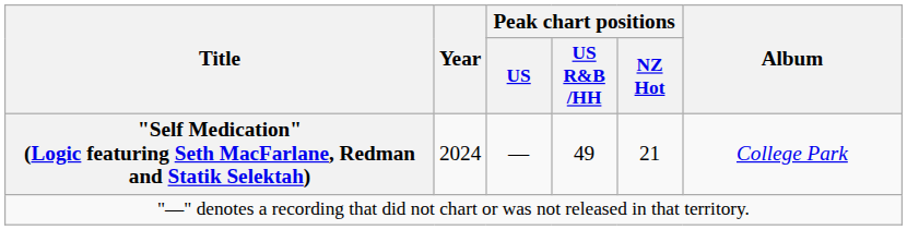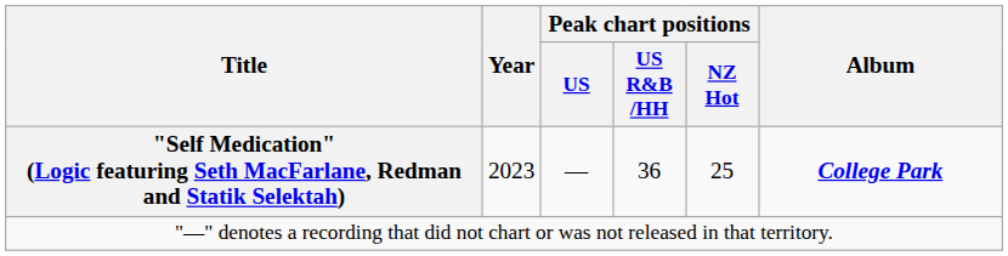 <table class="wikitable plainrowheaders" style="text-align:center;">
 <tr>
 <th scope="col" rowspan="2" style="width:20em;">Title</th>
 <th scope="col" rowspan="2" style="width:1em;">Year</th>
 <th scope="col" colspan="3">Peak chart positions</th>
 <th scope="col" rowspan="2" style="width:10em;">Album</th>
 </tr>
 <tr>
 <th scope="col" style="width:3em;font-size:90%;"><a href='#'>US</a><br></th>
 <th scope="col" style="width:3em;font-size:90%;"><a href='#'>US<br>R&B<br>/HH</a><br></th>
 <th scope="col" style="width:3em;font-size:90%;"><a href='#'>NZ<br>Hot</a><br></th>
 </tr>
 <tr>
 <th scope="row">"Self Medication"<br><span>(<a href='#'>Logic</a> featuring <a href='#'>Seth MacFarlane</a>, Redman and <a href='#'>Statik Selektah</a>)</span></th>
-<td>2024</td>
+<td>2023</td>
 <td>—</td>
-<td>49</td>
-<td>21</td>
-<td><em><a href='#'>College Park</a></em></td>
+<td>36</td>
+<td>25</td>
+<td><strong><em><a href='#'>College Park</a></em></strong></td>
 </tr>
 <tr>
 <td colspan="15" style="font-size:90%">"—" denotes a recording that did not chart or was not released in that territory.</td>
 </tr>
 </table>
